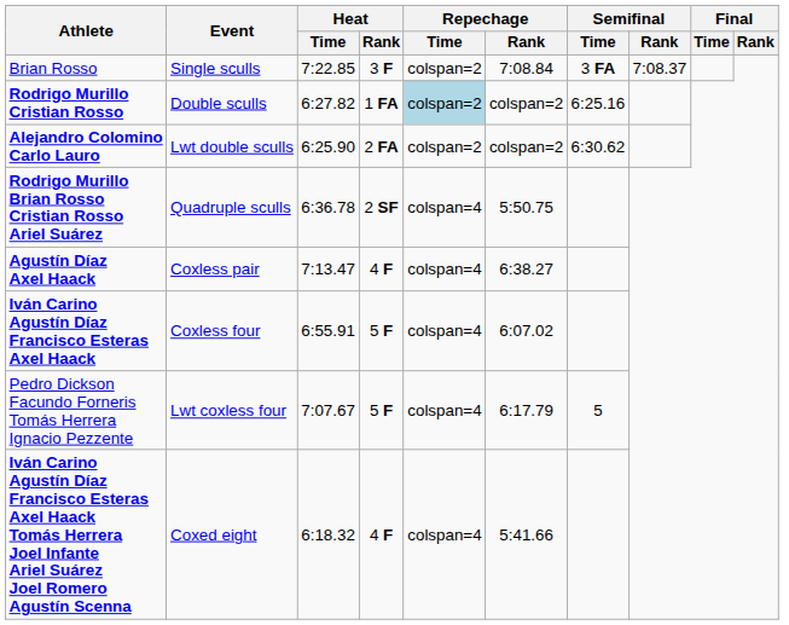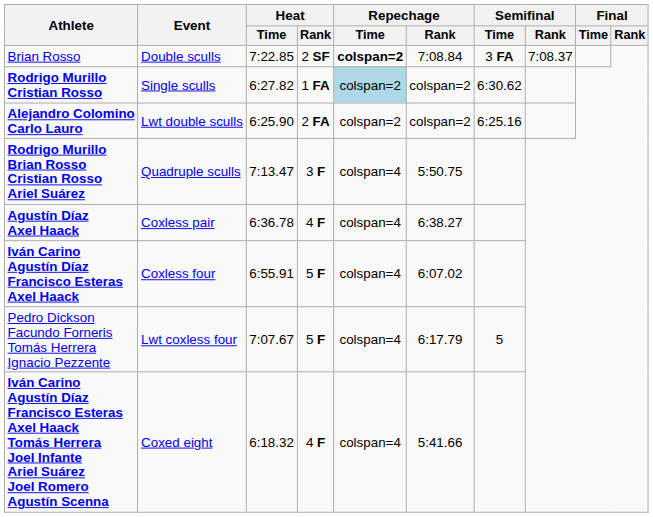 <table class="wikitable" style="font-size:90%;text-align:center">
 <tr>
 <th rowspan=2>Athlete</th>
 <th rowspan=2>Event</th>
 <th colspan=2>Heat</th>
 <th colspan=2>Repechage</th>
 <th colspan=2>Semifinal</th>
 <th colspan=2>Final</th>
 </tr>
 <tr style=font-size:95%>
 <th>Time</th>
 <th>Rank</th>
 <th>Time</th>
 <th>Rank</th>
 <th>Time</th>
 <th>Rank</th>
 <th>Time</th>
 <th>Rank</th>
 </tr>
 <tr>
 <td style="text-align:left"><a href='#'>Brian Rosso</a></td>
-<td style="text-align:left"><a href='#'>Single sculls</a></td>
+<td style="text-align:left"><a href='#'>Double sculls</a></td>
 <td>7:22.85</td>
-<td>3 <strong>F</strong></td>
-<td>colspan=2 </td>
+<td>2 <strong>SF</strong></td>
+<td><strong>colspan=2 </strong></td>
 <td>7:08.84</td>
 <td>3 <strong>FA</strong></td>
 <td>7:08.37</td>
 <td></td>
 </tr>
 <tr>
 <td style="text-align:left"><strong><a href='#'>Rodrigo Murillo</a><br><a href='#'>Cristian Rosso</a></strong></td>
-<td style="text-align:left"><a href='#'>Double sculls</a></td>
+<td style="text-align:left"><a href='#'>Single sculls</a></td>
 <td>6:27.82</td>
 <td>1 <strong>FA</strong></td>
 <td style="background: lightblue;">colspan=2 </td>
 <td>colspan=2 </td>
-<td>6:25.16</td>
+<td>6:30.62</td>
 <td></td>
 </tr>
 <tr>
 <td style="text-align:left"><strong><a href='#'>Alejandro Colomino</a><br><a href='#'>Carlo Lauro</a></strong></td>
 <td style="text-align:left"><a href='#'>Lwt double sculls</a></td>
 <td>6:25.90</td>
 <td>2 <strong>FA</strong></td>
 <td>colspan=2 </td>
 <td>colspan=2 </td>
-<td>6:30.62</td>
+<td>6:25.16</td>
 <td></td>
 </tr>
 <tr>
 <td style="text-align:left"><strong><a href='#'>Rodrigo Murillo</a><br><a href='#'>Brian Rosso</a><br><a href='#'>Cristian Rosso</a><br><a href='#'>Ariel Suárez</a></strong></td>
 <td style="text-align:left"><a href='#'>Quadruple sculls</a></td>
-<td>6:36.78</td>
-<td>2 <strong>SF</strong></td>
+<td>7:13.47</td>
+<td>3 <strong>F</strong></td>
 <td>colspan=4 </td>
 <td>5:50.75</td>
 <td></td>
 </tr>
 <tr>
 <td style="text-align:left"><strong><a href='#'>Agustín Díaz</a><br><a href='#'>Axel Haack</a></strong></td>
 <td style="text-align:left"><a href='#'>Coxless pair</a></td>
-<td>7:13.47</td>
+<td>6:36.78</td>
 <td>4 <strong>F</strong></td>
 <td>colspan=4 </td>
 <td>6:38.27</td>
 <td></td>
 </tr>
 <tr>
 <td style="text-align:left"><strong><a href='#'>Iván Carino</a><br><a href='#'>Agustín Díaz</a><br><a href='#'>Francisco Esteras</a><br><a href='#'>Axel Haack</a></strong></td>
 <td style="text-align:left"><a href='#'>Coxless four</a></td>
 <td>6:55.91</td>
 <td>5 <strong>F</strong></td>
 <td>colspan=4 </td>
 <td>6:07.02</td>
 <td></td>
 </tr>
 <tr>
 <td style="text-align:left"><a href='#'>Pedro Dickson</a><br><a href='#'>Facundo Forneris</a><br><a href='#'>Tomás Herrera</a><br><a href='#'>Ignacio Pezzente</a></td>
 <td style="text-align:left"><a href='#'>Lwt coxless four</a></td>
 <td>7:07.67</td>
 <td>5 <strong>F</strong></td>
 <td>colspan=4 </td>
 <td>6:17.79</td>
 <td>5</td>
 </tr>
 <tr>
 <td style="text-align:left"><strong><a href='#'>Iván Carino</a><br><a href='#'>Agustín Díaz</a><br><a href='#'>Francisco Esteras</a><br><a href='#'>Axel Haack</a><br><a href='#'>Tomás Herrera</a><br><a href='#'>Joel Infante</a><br><a href='#'>Ariel Suárez</a><br><a href='#'>Joel Romero</a><br><a href='#'>Agustín Scenna</a></strong></td>
 <td style="text-align:left"><a href='#'>Coxed eight</a></td>
 <td>6:18.32</td>
 <td>4 <strong>F</strong></td>
 <td>colspan=4 </td>
 <td>5:41.66</td>
 <td></td>
 </tr>
 </table>
